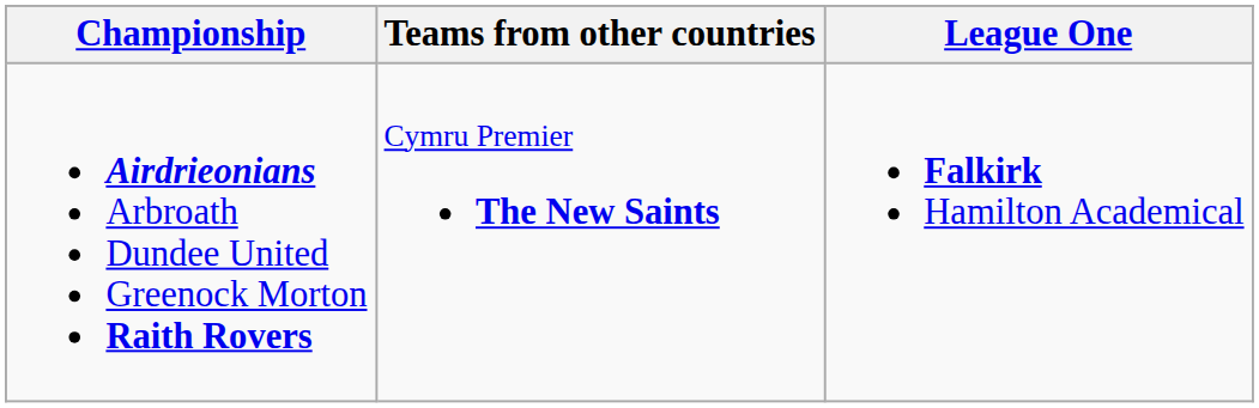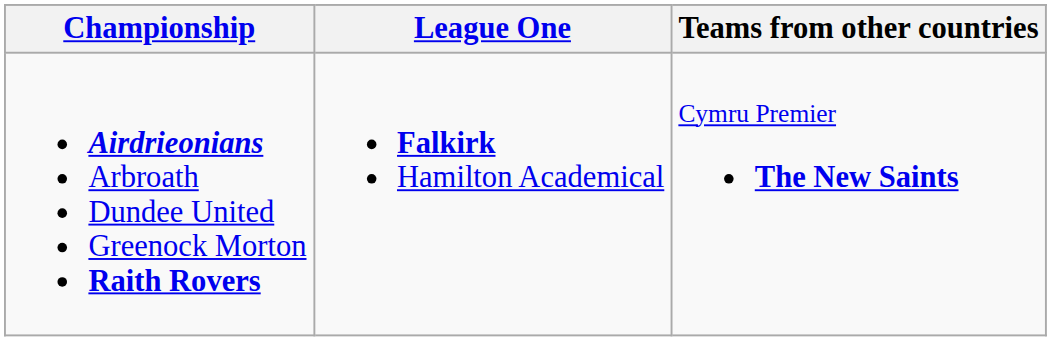 <table class="wikitable">
 <tr>
 <th><a href='#'>Championship</a></th>
+<th><a href='#'>League One</a></th>
 <th>Teams from other countries</th>
-<th><a href='#'>League One</a></th>
 </tr>
 <tr>
 <td valign="top"><br><ul><li><strong><em><a href='#'>Airdrieonians</a></em></strong></li><li><a href='#'>Arbroath</a></li><li><a href='#'>Dundee United</a></li><li><a href='#'>Greenock Morton</a></li><li><strong><a href='#'>Raith Rovers</a></strong></li></ul></td>
+<td valign="top"><br><ul><li><strong><a href='#'>Falkirk</a></strong></li><li><a href='#'>Hamilton Academical</a></li></ul></td>
 <td valign="top"><br><small><a href='#'>Cymru Premier</a></small><ul><li><strong><a href='#'>The New Saints</a></strong></li></ul></td>
-<td valign="top"><br><ul><li><strong><a href='#'>Falkirk</a></strong></li><li><a href='#'>Hamilton Academical</a></li></ul></td>
 </tr>
 </table>
